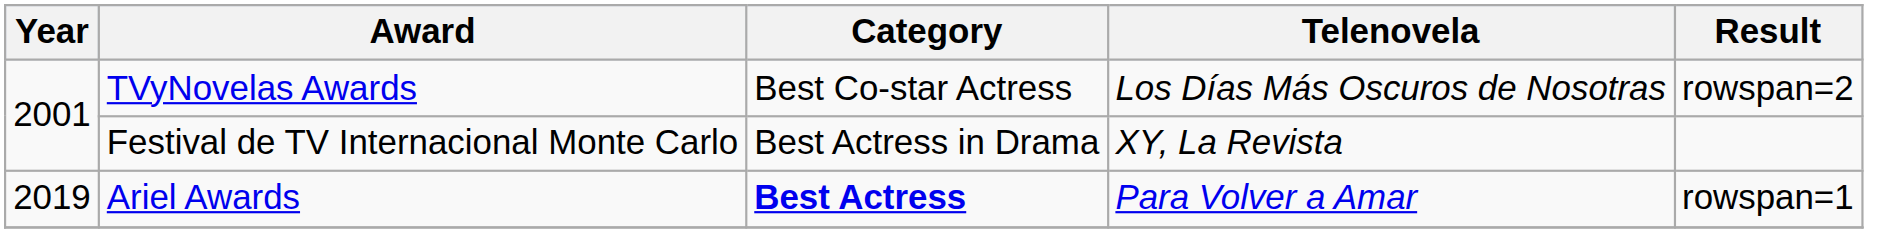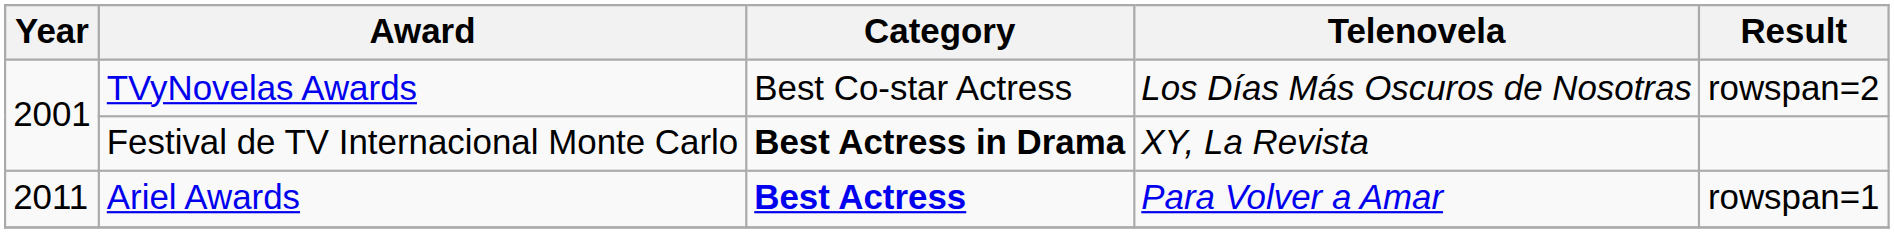 <table class="wikitable">
 <tr style="background:#b0c4de;">
 <th>Year</th>
 <th>Award</th>
 <th>Category</th>
 <th>Telenovela</th>
 <th>Result</th>
 </tr>
 <tr>
 <td rowspan=2>2001</td>
 <td><a href='#'>TVyNovelas Awards</a></td>
 <td>Best Co-star Actress</td>
 <td><em>Los Días Más Oscuros de Nosotras</em></td>
 <td>rowspan=2 </td>
 </tr>
 <tr>
 <td>Festival de TV Internacional Monte Carlo</td>
-<td>Best Actress in Drama</td>
+<td><strong>Best Actress in Drama</strong></td>
 <td><em>XY, La Revista</em></td>
 </tr>
 <tr>
-<td rowspan=1>2019</td>
+<td rowspan=1>2011</td>
 <td><a href='#'>Ariel Awards</a></td>
 <td><strong><a href='#'>Best Actress</a></strong></td>
 <td><em><a href='#'>Para Volver a Amar</a></em></td>
 <td>rowspan=1 </td>
 </tr>
 <tr>
 </tr>
 </table>
